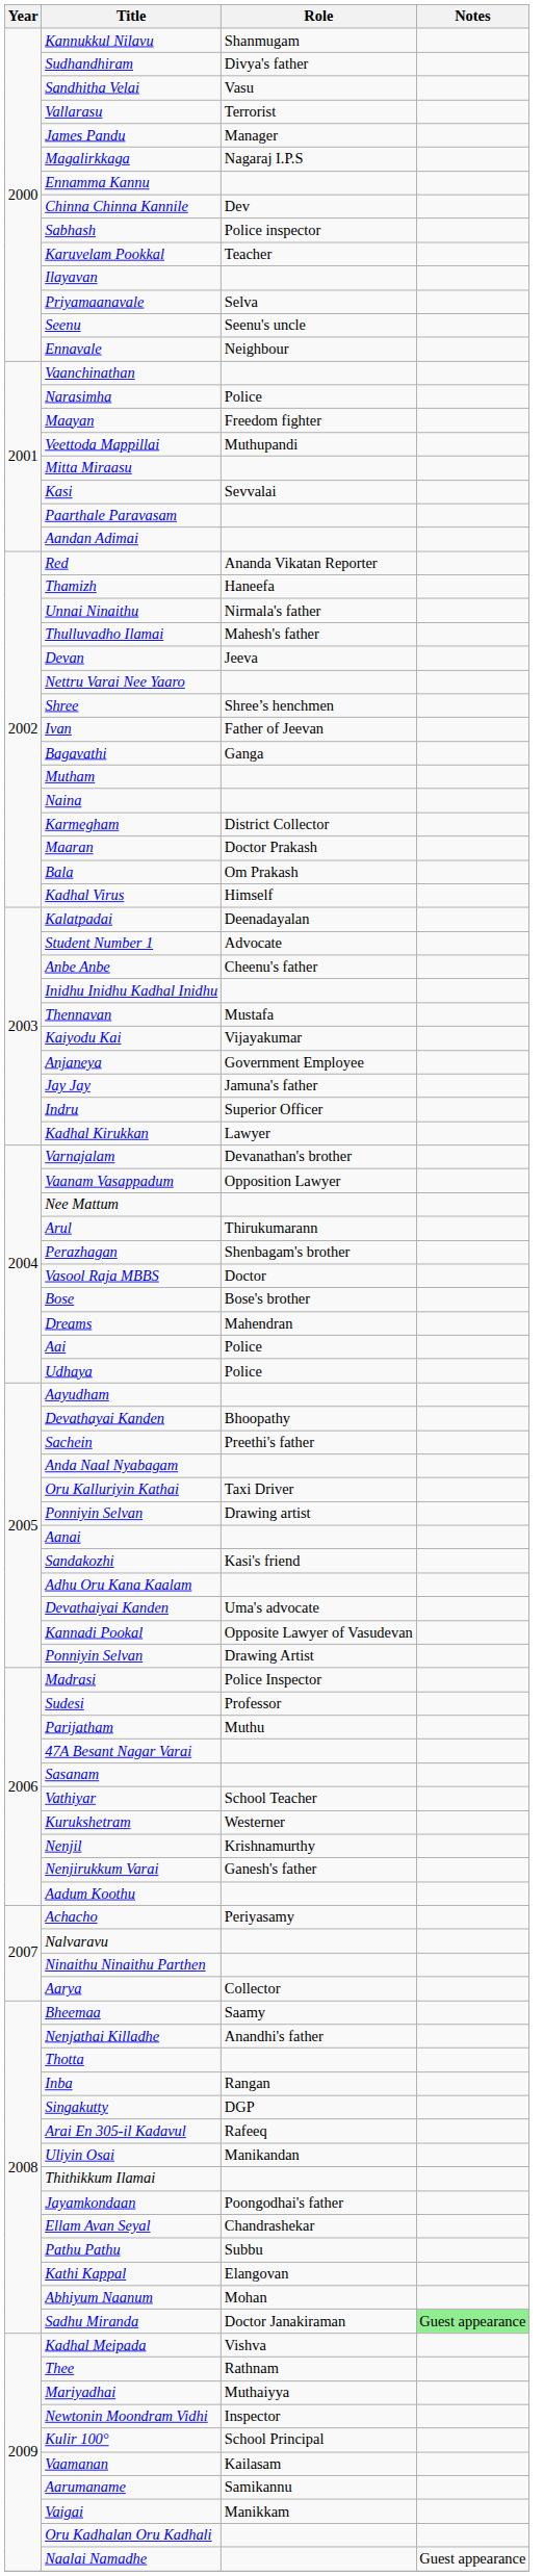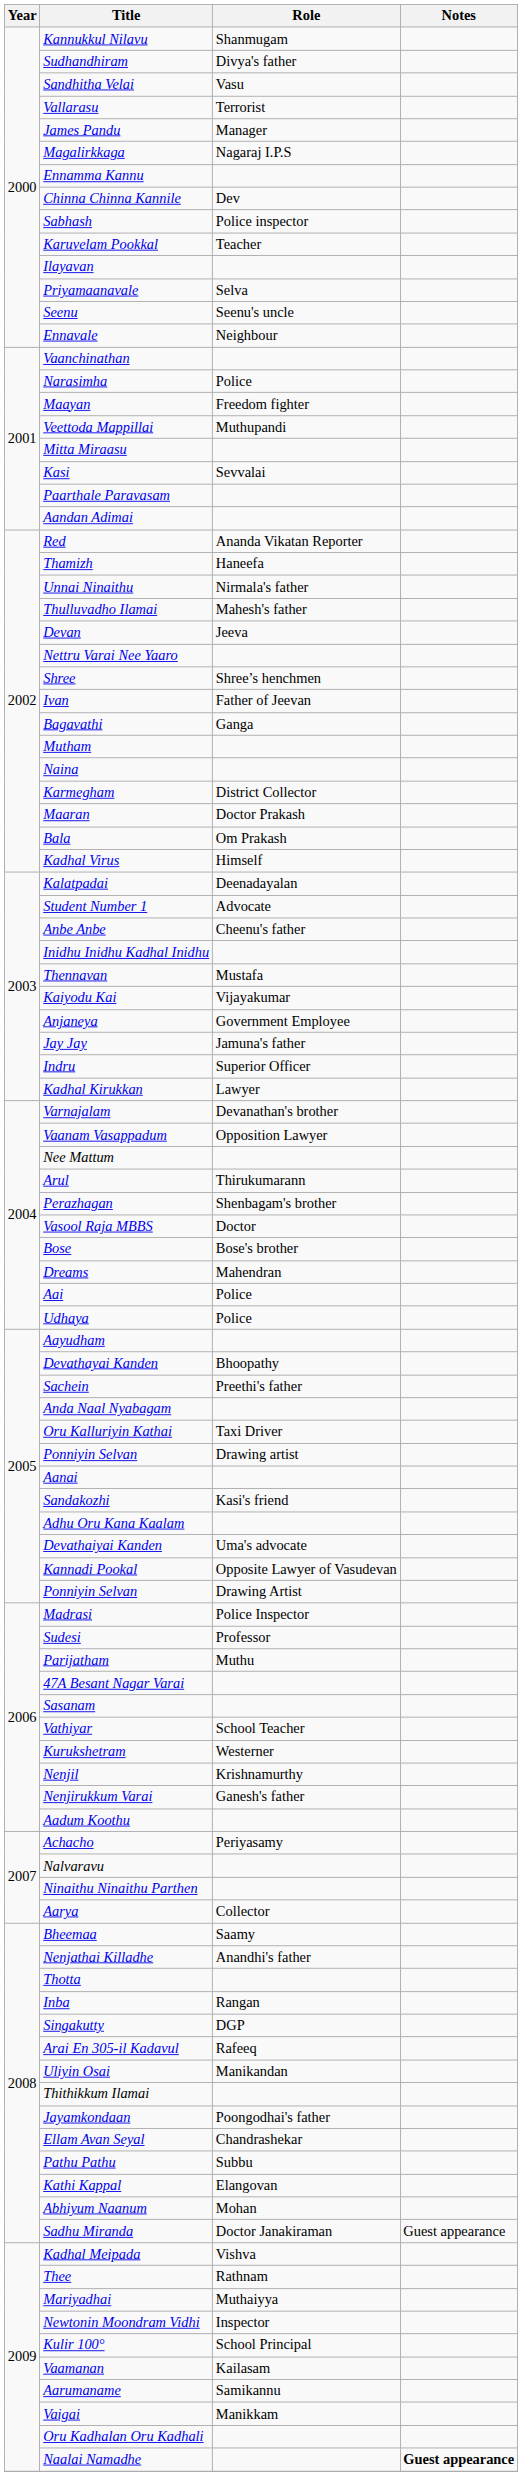 <table class="wikitable sortable">
 <tr>
 <th>Year</th>
 <th>Title</th>
 <th>Role</th>
 <th class="unsortable">Notes</th>
 </tr>
 <tr>
 <td rowspan="14">2000</td>
 <td><em><a href='#'>Kannukkul Nilavu</a></em></td>
 <td>Shanmugam</td>
 <td></td>
 </tr>
 <tr>
 <td><em><a href='#'>Sudhandhiram</a></em></td>
 <td>Divya's father</td>
 <td></td>
 </tr>
 <tr>
 <td><em><a href='#'>Sandhitha Velai</a></em></td>
 <td>Vasu</td>
 <td></td>
 </tr>
 <tr>
 <td><em><a href='#'>Vallarasu</a></em></td>
 <td>Terrorist</td>
 <td></td>
 </tr>
 <tr>
 <td><em><a href='#'>James Pandu</a></em></td>
 <td>Manager</td>
 <td></td>
 </tr>
 <tr>
 <td><em><a href='#'>Magalirkkaga</a></em></td>
 <td>Nagaraj I.P.S</td>
 <td></td>
 </tr>
 <tr>
 <td><em><a href='#'>Ennamma Kannu</a></em></td>
 <td></td>
 <td></td>
 </tr>
 <tr>
 <td><em><a href='#'>Chinna Chinna Kannile</a></em></td>
 <td>Dev</td>
 <td></td>
 </tr>
 <tr>
 <td><em><a href='#'>Sabhash</a></em></td>
 <td>Police inspector</td>
 <td></td>
 </tr>
 <tr>
 <td><em><a href='#'>Karuvelam Pookkal</a></em></td>
 <td>Teacher</td>
 <td></td>
 </tr>
 <tr>
 <td><em><a href='#'>Ilayavan</a></em></td>
 <td></td>
 <td></td>
 </tr>
 <tr>
 <td><em><a href='#'>Priyamaanavale</a></em></td>
 <td>Selva</td>
 <td></td>
 </tr>
 <tr>
 <td><em><a href='#'>Seenu</a></em></td>
 <td>Seenu's uncle</td>
 <td></td>
 </tr>
 <tr>
 <td><em><a href='#'>Ennavale</a></em></td>
 <td>Neighbour</td>
 <td></td>
 </tr>
 <tr>
 <td rowspan="8">2001</td>
 <td><em><a href='#'>Vaanchinathan</a></em></td>
 <td></td>
 <td></td>
 </tr>
 <tr>
 <td><em><a href='#'>Narasimha</a></em></td>
 <td>Police</td>
 <td></td>
 </tr>
 <tr>
 <td><em><a href='#'>Maayan</a></em></td>
 <td>Freedom fighter</td>
 <td></td>
 </tr>
 <tr>
 <td><em><a href='#'>Veettoda Mappillai</a></em></td>
 <td>Muthupandi</td>
 <td></td>
 </tr>
 <tr>
 <td><em><a href='#'>Mitta Miraasu</a></em></td>
 <td></td>
 <td></td>
 </tr>
 <tr>
 <td><em><a href='#'>Kasi</a></em></td>
 <td>Sevvalai</td>
 <td></td>
 </tr>
 <tr>
 <td><em><a href='#'>Paarthale Paravasam</a></em></td>
 <td></td>
 <td></td>
 </tr>
 <tr>
 <td><em><a href='#'>Aandan Adimai</a></em></td>
 <td></td>
 <td></td>
 </tr>
 <tr>
 <td rowspan="15">2002</td>
 <td><em><a href='#'>Red</a></em></td>
 <td>Ananda Vikatan Reporter</td>
 <td></td>
 </tr>
 <tr>
 <td><em><a href='#'>Thamizh</a></em></td>
 <td>Haneefa</td>
 <td></td>
 </tr>
 <tr>
 <td><em><a href='#'>Unnai Ninaithu</a></em></td>
 <td>Nirmala's father</td>
 <td></td>
 </tr>
 <tr>
 <td><em><a href='#'>Thulluvadho Ilamai</a></em></td>
 <td>Mahesh's father</td>
 <td></td>
 </tr>
 <tr>
 <td><em><a href='#'>Devan</a></em></td>
 <td>Jeeva</td>
 <td></td>
 </tr>
 <tr>
 <td><em><a href='#'>Nettru Varai Nee Yaaro</a></em></td>
 <td></td>
 <td></td>
 </tr>
 <tr>
 <td><em><a href='#'>Shree</a></em></td>
 <td>Shree’s henchmen</td>
 <td></td>
 </tr>
 <tr>
 <td><em><a href='#'>Ivan</a></em></td>
 <td>Father of Jeevan</td>
 <td></td>
 </tr>
 <tr>
 <td><em><a href='#'>Bagavathi</a></em></td>
 <td>Ganga</td>
 <td></td>
 </tr>
 <tr>
 <td><em><a href='#'>Mutham</a></em></td>
 <td></td>
 <td></td>
 </tr>
 <tr>
 <td><em><a href='#'>Naina</a></em></td>
 <td></td>
 <td></td>
 </tr>
 <tr>
 <td><em><a href='#'>Karmegham</a></em></td>
 <td>District Collector</td>
 <td></td>
 </tr>
 <tr>
 <td><em><a href='#'>Maaran</a></em></td>
 <td>Doctor Prakash</td>
 <td></td>
 </tr>
 <tr>
 <td><em><a href='#'>Bala</a></em></td>
 <td>Om Prakash</td>
 <td></td>
 </tr>
 <tr>
 <td><em><a href='#'>Kadhal Virus</a></em></td>
 <td>Himself</td>
 <td></td>
 </tr>
 <tr>
 <td rowspan="10">2003</td>
 <td><em><a href='#'>Kalatpadai</a></em></td>
 <td>Deenadayalan</td>
 <td></td>
 </tr>
 <tr>
 <td><em><a href='#'>Student Number 1</a></em></td>
 <td>Advocate</td>
 <td></td>
 </tr>
 <tr>
 <td><em><a href='#'>Anbe Anbe</a></em></td>
 <td>Cheenu's father</td>
 <td></td>
 </tr>
 <tr>
 <td><em><a href='#'>Inidhu Inidhu Kadhal Inidhu</a></em></td>
 <td></td>
 <td></td>
 </tr>
 <tr>
 <td><em><a href='#'>Thennavan</a></em></td>
 <td>Mustafa</td>
 <td></td>
 </tr>
 <tr>
 <td><em><a href='#'>Kaiyodu Kai</a></em></td>
 <td>Vijayakumar</td>
 <td></td>
 </tr>
 <tr>
 <td><em><a href='#'>Anjaneya</a></em></td>
 <td>Government Employee</td>
 <td></td>
 </tr>
 <tr>
 <td><em><a href='#'>Jay Jay</a></em></td>
 <td>Jamuna's father</td>
 <td></td>
 </tr>
 <tr>
 <td><em><a href='#'>Indru</a></em></td>
 <td>Superior Officer</td>
 <td></td>
 </tr>
 <tr>
 <td><em><a href='#'>Kadhal Kirukkan</a></em></td>
 <td>Lawyer</td>
 <td></td>
 </tr>
 <tr>
 <td rowspan="10">2004</td>
 <td><em><a href='#'>Varnajalam</a></em></td>
 <td>Devanathan's brother</td>
 <td></td>
 </tr>
 <tr>
 <td><em><a href='#'>Vaanam Vasappadum</a></em></td>
 <td>Opposition Lawyer</td>
 <td></td>
 </tr>
 <tr>
 <td><em>Nee Mattum</em></td>
 <td></td>
 <td></td>
 </tr>
 <tr>
 <td><em><a href='#'>Arul</a></em></td>
 <td>Thirukumarann</td>
 <td></td>
 </tr>
 <tr>
 <td><em><a href='#'>Perazhagan</a></em></td>
 <td>Shenbagam's brother</td>
 <td></td>
 </tr>
 <tr>
 <td><em><a href='#'>Vasool Raja MBBS</a></em></td>
 <td>Doctor</td>
 <td></td>
 </tr>
 <tr>
 <td><em><a href='#'>Bose</a></em></td>
 <td>Bose's brother</td>
 <td></td>
 </tr>
 <tr>
 <td><em><a href='#'>Dreams</a></em></td>
 <td>Mahendran</td>
 <td></td>
 </tr>
 <tr>
 <td><em><a href='#'>Aai</a></em></td>
 <td>Police</td>
 <td></td>
 </tr>
 <tr>
 <td><em><a href='#'>Udhaya</a></em></td>
 <td>Police</td>
 <td></td>
 </tr>
 <tr>
 <td rowspan="12">2005</td>
 <td><em><a href='#'>Aayudham</a></em></td>
 <td></td>
 <td></td>
 </tr>
 <tr>
 <td><em><a href='#'>Devathayai Kanden</a></em></td>
 <td>Bhoopathy</td>
 <td></td>
 </tr>
 <tr>
 <td><em><a href='#'>Sachein</a></em></td>
 <td>Preethi's father</td>
 <td></td>
 </tr>
 <tr>
 <td><em><a href='#'>Anda Naal Nyabagam</a></em></td>
 <td></td>
 <td></td>
 </tr>
 <tr>
 <td><em><a href='#'>Oru Kalluriyin Kathai</a></em></td>
 <td>Taxi Driver</td>
 <td></td>
 </tr>
 <tr>
 <td><em><a href='#'>Ponniyin Selvan</a></em></td>
 <td>Drawing artist</td>
 <td></td>
 </tr>
 <tr>
 <td><em><a href='#'>Aanai</a></em></td>
 <td></td>
 <td></td>
 </tr>
 <tr>
 <td><em><a href='#'>Sandakozhi</a></em></td>
 <td>Kasi's friend</td>
 <td></td>
 </tr>
 <tr>
 <td><em><a href='#'>Adhu Oru Kana Kaalam</a></em></td>
 <td></td>
 <td></td>
 </tr>
 <tr>
 <td><em><a href='#'>Devathaiyai Kanden</a></em></td>
 <td>Uma's advocate</td>
 <td></td>
 </tr>
 <tr>
 <td><em><a href='#'>Kannadi Pookal</a></em></td>
 <td>Opposite Lawyer of Vasudevan</td>
 <td></td>
 </tr>
 <tr>
 <td><em><a href='#'>Ponniyin Selvan</a></em></td>
 <td>Drawing Artist</td>
 <td></td>
 </tr>
 <tr>
 <td rowspan="10">2006</td>
 <td><em><a href='#'>Madrasi</a></em></td>
 <td>Police Inspector</td>
 <td></td>
 </tr>
 <tr>
 <td><em><a href='#'>Sudesi</a></em></td>
 <td>Professor</td>
 <td></td>
 </tr>
 <tr>
 <td><em><a href='#'>Parijatham</a></em></td>
 <td>Muthu</td>
 <td></td>
 </tr>
 <tr>
 <td><em><a href='#'>47A Besant Nagar Varai</a></em></td>
 <td></td>
 <td></td>
 </tr>
 <tr>
 <td><em><a href='#'>Sasanam</a></em></td>
 <td></td>
 <td></td>
 </tr>
 <tr>
 <td><em><a href='#'>Vathiyar</a></em></td>
 <td>School Teacher</td>
 <td></td>
 </tr>
 <tr>
 <td><em><a href='#'>Kurukshetram</a></em></td>
 <td>Westerner</td>
 <td></td>
 </tr>
 <tr>
 <td><em><a href='#'>Nenjil</a></em></td>
 <td>Krishnamurthy</td>
 <td></td>
 </tr>
 <tr>
 <td><em><a href='#'>Nenjirukkum Varai</a></em></td>
 <td>Ganesh's father</td>
 <td></td>
 </tr>
 <tr>
 <td><em><a href='#'>Aadum Koothu</a></em></td>
 <td></td>
 <td></td>
 </tr>
 <tr>
 <td rowspan="4">2007</td>
 <td><em><a href='#'>Achacho</a></em></td>
 <td>Periyasamy</td>
 <td></td>
 </tr>
 <tr>
 <td><em>Nalvaravu</em></td>
 <td></td>
 <td></td>
 </tr>
 <tr>
 <td><em><a href='#'>Ninaithu Ninaithu Parthen</a></em></td>
 <td></td>
 <td></td>
 </tr>
 <tr>
 <td><em><a href='#'>Aarya</a></em></td>
 <td>Collector</td>
 <td></td>
 </tr>
 <tr>
 <td rowspan="14">2008</td>
 <td><em><a href='#'>Bheemaa</a></em></td>
 <td>Saamy</td>
 <td></td>
 </tr>
 <tr>
 <td><em><a href='#'>Nenjathai Killadhe</a></em></td>
 <td>Anandhi's father</td>
 <td></td>
 </tr>
 <tr>
 <td><em><a href='#'>Thotta</a></em></td>
 <td></td>
 <td></td>
 </tr>
 <tr>
 <td><em><a href='#'>Inba</a></em></td>
 <td>Rangan</td>
 <td></td>
 </tr>
 <tr>
 <td><em><a href='#'>Singakutty</a></em></td>
 <td>DGP</td>
 <td></td>
 </tr>
 <tr>
 <td><em><a href='#'>Arai En 305-il Kadavul</a></em></td>
 <td>Rafeeq</td>
 <td></td>
 </tr>
 <tr>
 <td><em><a href='#'>Uliyin Osai</a></em></td>
 <td>Manikandan</td>
 <td></td>
 </tr>
 <tr>
 <td><em>Thithikkum Ilamai</em></td>
 <td></td>
 <td></td>
 </tr>
 <tr>
 <td><em><a href='#'>Jayamkondaan</a></em></td>
 <td>Poongodhai's father</td>
 <td></td>
 </tr>
 <tr>
 <td><em><a href='#'>Ellam Avan Seyal</a></em></td>
 <td>Chandrashekar</td>
 <td></td>
 </tr>
 <tr>
 <td><em><a href='#'>Pathu Pathu</a></em></td>
 <td>Subbu</td>
 <td></td>
 </tr>
 <tr>
 <td><em><a href='#'>Kathi Kappal</a></em></td>
 <td>Elangovan</td>
 <td></td>
 </tr>
 <tr>
 <td><em><a href='#'>Abhiyum Naanum</a></em></td>
 <td>Mohan</td>
 <td></td>
 </tr>
 <tr>
 <td><em><a href='#'>Sadhu Miranda</a></em></td>
 <td>Doctor Janakiraman</td>
-<td style="background: lightgreen;">Guest appearance</td>
+<td>Guest appearance</td>
 </tr>
 <tr>
 <td rowspan="10">2009</td>
 <td><em><a href='#'>Kadhal Meipada</a></em></td>
 <td>Vishva</td>
 <td></td>
 </tr>
 <tr>
 <td><em><a href='#'>Thee</a></em></td>
 <td>Rathnam</td>
 <td></td>
 </tr>
 <tr>
 <td><em><a href='#'>Mariyadhai</a></em></td>
 <td>Muthaiyya</td>
 <td></td>
 </tr>
 <tr>
 <td><em><a href='#'>Newtonin Moondram Vidhi</a></em></td>
 <td>Inspector</td>
 <td></td>
 </tr>
 <tr>
 <td><em><a href='#'>Kulir 100°</a></em></td>
 <td>School Principal</td>
 <td></td>
 </tr>
 <tr>
 <td><em><a href='#'>Vaamanan</a></em></td>
 <td>Kailasam</td>
 <td></td>
 </tr>
 <tr>
 <td><em><a href='#'>Aarumaname</a></em></td>
 <td>Samikannu</td>
 <td></td>
 </tr>
 <tr>
 <td><em><a href='#'>Vaigai</a></em></td>
 <td>Manikkam</td>
 <td></td>
 </tr>
 <tr>
 <td><em><a href='#'>Oru Kadhalan Oru Kadhali</a></em></td>
 <td></td>
 <td></td>
 </tr>
 <tr>
 <td><em><a href='#'>Naalai Namadhe</a></em></td>
 <td></td>
-<td>Guest appearance</td>
+<td><strong>Guest appearance</strong></td>
 </tr>
 <tr>
 </tr>
 </table>
